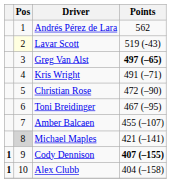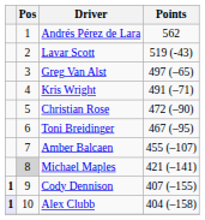 <table class="wikitable" style="font-size: 95%;">
 <tr>
 <th></th>
 <th>Pos</th>
 <th>Driver</th>
 <th>Points</th>
 </tr>
 <tr>
 <td align="left"></td>
 <td style="text-align:center;">1</td>
 <td><a href='#'>Andrés Pérez de Lara</a></td>
 <td style="text-align:center;">562</td>
 </tr>
 <tr>
 <td align="left"></td>
-<td style="background: lightyellow; text-align:center;">2</td>
+<td style="text-align:center;">2</td>
 <td><a href='#'>Lavar Scott</a></td>
 <td style="text-align:center;">519 (-43)</td>
 </tr>
 <tr>
 <td align="left"></td>
 <td style="text-align:center;">3</td>
 <td><a href='#'>Greg Van Alst</a></td>
-<td style="text-align:center;"><strong>497 (–65)</strong></td>
+<td style="text-align:center;">497 (–65)</td>
 </tr>
 <tr>
 <td align="left"></td>
 <td style="text-align:center;">4</td>
 <td><a href='#'>Kris Wright</a></td>
 <td style="text-align:center;">491 (–71)</td>
 </tr>
 <tr>
 <td align="left"></td>
 <td style="text-align:center;">5</td>
 <td><a href='#'>Christian Rose</a></td>
 <td style="text-align:center;">472 (–90)</td>
 </tr>
 <tr>
 <td align="left"></td>
 <td style="text-align:center;">6</td>
 <td><a href='#'>Toni Breidinger</a></td>
 <td style="text-align:center;">467 (–95)</td>
 </tr>
 <tr>
 <td align="left"></td>
 <td style="text-align:center;">7</td>
 <td><a href='#'>Amber Balcaen</a></td>
 <td style="text-align:center;">455 (–107)</td>
 </tr>
 <tr>
 <td align="left"></td>
 <td style="background: lightgrey; text-align:center;">8</td>
 <td><a href='#'>Michael Maples</a></td>
 <td style="text-align:center;">421 (–141)</td>
 </tr>
 <tr>
 <td align="left"> <strong>1</strong></td>
 <td style="text-align:center;">9</td>
 <td><a href='#'>Cody Dennison</a></td>
-<td style="text-align:center;"><strong>407 (–155)</strong></td>
+<td style="text-align:center;">407 (–155)</td>
 </tr>
 <tr>
-<td align="left"> <strong>1</strong></td>
+<td align="left" style="background: lavender;"> <strong>1</strong></td>
 <td style="text-align:center;">10</td>
 <td><a href='#'>Alex Clubb</a></td>
 <td style="text-align:center;">404 (–158)</td>
 </tr>
 <tr class="sortbottom">
 </tr>
 </table>
